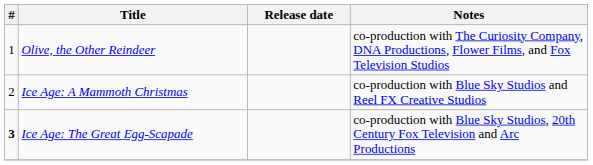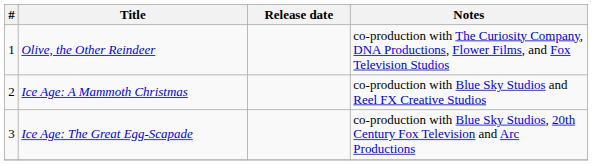 <table class="wikitable sortable">
 <tr>
 <th width=10>#</th>
 <th ! width=275>Title</th>
 <th ! width=120>Release date</th>
 <th ! width=285>Notes</th>
 </tr>
 <tr>
 <td style="text-align:center;">1</td>
 <td><em><a href='#'>Olive, the Other Reindeer</a></em></td>
 <td style="text-align:center;"></td>
 <td>co-production with <a href='#'>The Curiosity Company</a>, <a href='#'>DNA Productions</a>, <a href='#'>Flower Films</a>, and <a href='#'>Fox Television Studios</a></td>
 </tr>
 <tr>
 <td style="text-align:center;">2</td>
 <td><em><a href='#'>Ice Age: A Mammoth Christmas</a></em></td>
 <td style="text-align:center;"></td>
 <td>co-production with <a href='#'>Blue Sky Studios</a> and <a href='#'>Reel FX Creative Studios</a></td>
 </tr>
 <tr>
-<td style="text-align:center;"><strong>3</strong></td>
+<td style="text-align:center;">3</td>
 <td><em><a href='#'>Ice Age: The Great Egg-Scapade</a></em></td>
 <td style="text-align:center;"></td>
 <td>co-production with <a href='#'>Blue Sky Studios</a>, <a href='#'>20th Century Fox Television</a> and <a href='#'>Arc Productions</a></td>
 </tr>
 <tr>
 </tr>
 </table>
